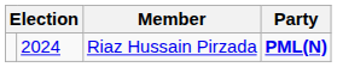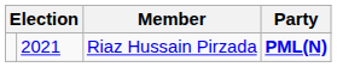 <table class="wikitable">
 <tr>
 <th colspan="2">Election</th>
 <th>Member</th>
 <th>Party</th>
 </tr>
 <tr>
 <td style="background-color: "></td>
-<td><a href='#'>2024</a></td>
+<td><a href='#'>2021</a></td>
 <td><a href='#'>Riaz Hussain Pirzada</a></td>
 <td><strong><a href='#'>PML(N)</a></strong></td>
 </tr>
 </table>
